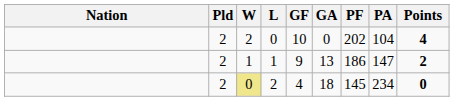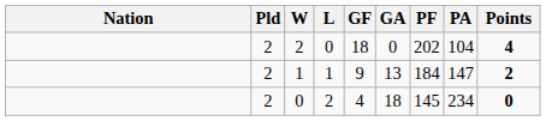 <table class=wikitable style="text-align:center">
 <tr>
 <th width=220>Nation</th>
 <th width=20>Pld</th>
 <th width=20>W</th>
 <th width=20>L</th>
 <th width=20>GF</th>
 <th width=20>GA</th>
 <th width=20>PF</th>
 <th width=20>PA</th>
 <th width=50>Points</th>
 </tr>
 <tr>
 <td align=left></td>
 <td>2</td>
 <td>2</td>
 <td>0</td>
-<td>10</td>
+<td>18</td>
 <td>0</td>
 <td>202</td>
 <td>104</td>
 <td><strong>4</strong></td>
 </tr>
 <tr>
 <td align=left></td>
 <td>2</td>
 <td>1</td>
 <td>1</td>
 <td>9</td>
 <td>13</td>
-<td>186</td>
+<td>184</td>
 <td>147</td>
 <td><strong>2</strong></td>
 </tr>
 <tr>
 <td align=left></td>
 <td>2</td>
-<td style="background: khaki;">0</td>
+<td>0</td>
 <td>2</td>
 <td>4</td>
 <td>18</td>
 <td>145</td>
 <td>234</td>
 <td><strong>0</strong></td>
 </tr>
 </table>
